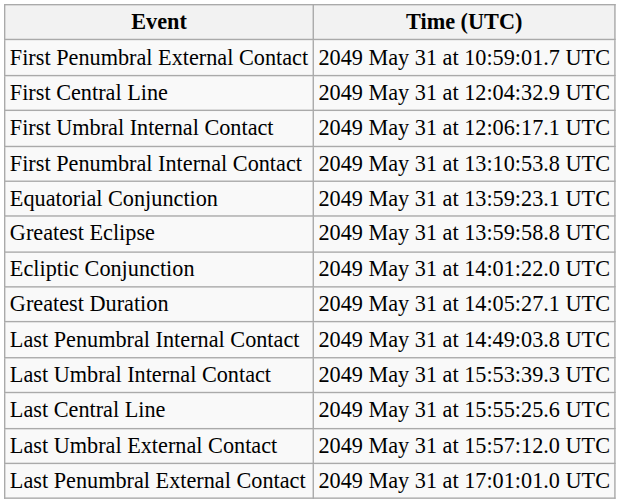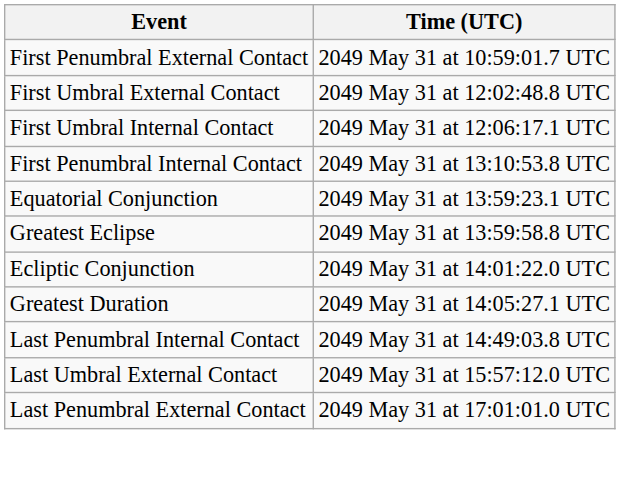 <table class="wikitable">
 <tr>
 <th>Event</th>
 <th>Time (UTC)</th>
 </tr>
 <tr>
 <td>First Penumbral External Contact</td>
 <td>2049 May 31 at 10:59:01.7 UTC</td>
 </tr>
 <tr>
-<td>First Central Line</td>
-<td>2049 May 31 at 12:04:32.9 UTC</td>
+<td>First Umbral External Contact</td>
+<td>2049 May 31 at 12:02:48.8 UTC</td>
 </tr>
 <tr>
 <td>First Umbral Internal Contact</td>
 <td>2049 May 31 at 12:06:17.1 UTC</td>
 </tr>
 <tr>
 <td>First Penumbral Internal Contact</td>
 <td>2049 May 31 at 13:10:53.8 UTC</td>
 </tr>
 <tr>
 <td>Equatorial Conjunction</td>
 <td>2049 May 31 at 13:59:23.1 UTC</td>
 </tr>
 <tr>
 <td>Greatest Eclipse</td>
 <td>2049 May 31 at 13:59:58.8 UTC</td>
 </tr>
 <tr>
 <td>Ecliptic Conjunction</td>
 <td>2049 May 31 at 14:01:22.0 UTC</td>
 </tr>
 <tr>
 <td>Greatest Duration</td>
 <td>2049 May 31 at 14:05:27.1 UTC</td>
 </tr>
 <tr>
 <td>Last Penumbral Internal Contact</td>
 <td>2049 May 31 at 14:49:03.8 UTC</td>
 </tr>
 <tr>
-<td>Last Umbral Internal Contact</td>
-<td>2049 May 31 at 15:53:39.3 UTC</td>
-</tr>
-<tr>
-<td>Last Central Line</td>
-<td>2049 May 31 at 15:55:25.6 UTC</td>
-</tr>
-<tr>
 <td>Last Umbral External Contact</td>
 <td>2049 May 31 at 15:57:12.0 UTC</td>
 </tr>
 <tr>
 <td>Last Penumbral External Contact</td>
 <td>2049 May 31 at 17:01:01.0 UTC</td>
 </tr>
 </table>
